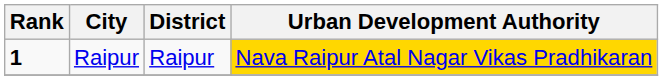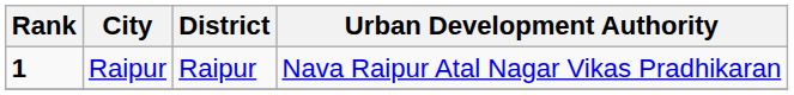 <table class="wikitable sortable">
 <tr>
 <th>Rank</th>
 <th>City</th>
 <th>District</th>
 <th>Urban Development Authority</th>
 </tr>
 <tr>
 <td><strong>1</strong></td>
 <td><a href='#'>Raipur</a></td>
 <td><a href='#'>Raipur</a></td>
-<td style="background: gold;"><a href='#'>Nava Raipur Atal Nagar Vikas Pradhikaran</a></td>
+<td><a href='#'>Nava Raipur Atal Nagar Vikas Pradhikaran</a></td>
 </tr>
 <tr>
 </tr>
 </table>
